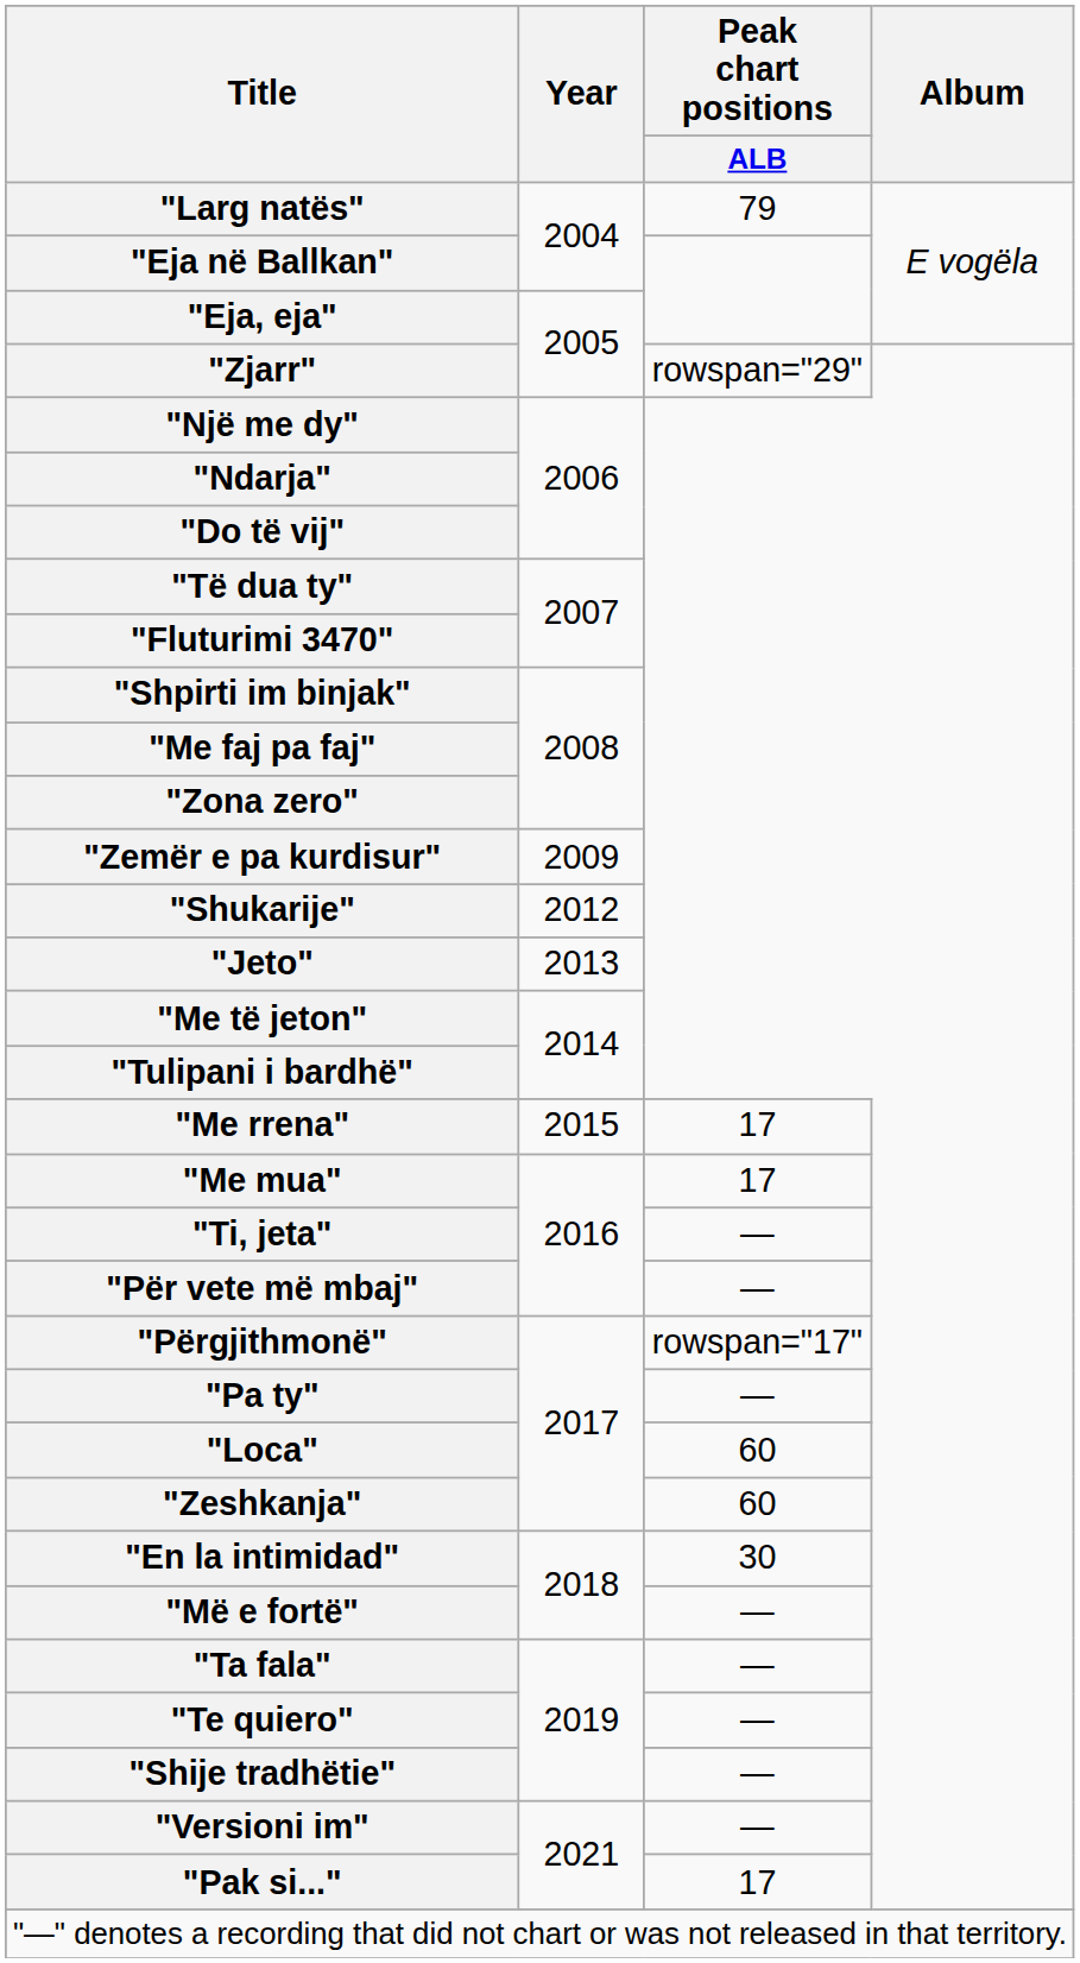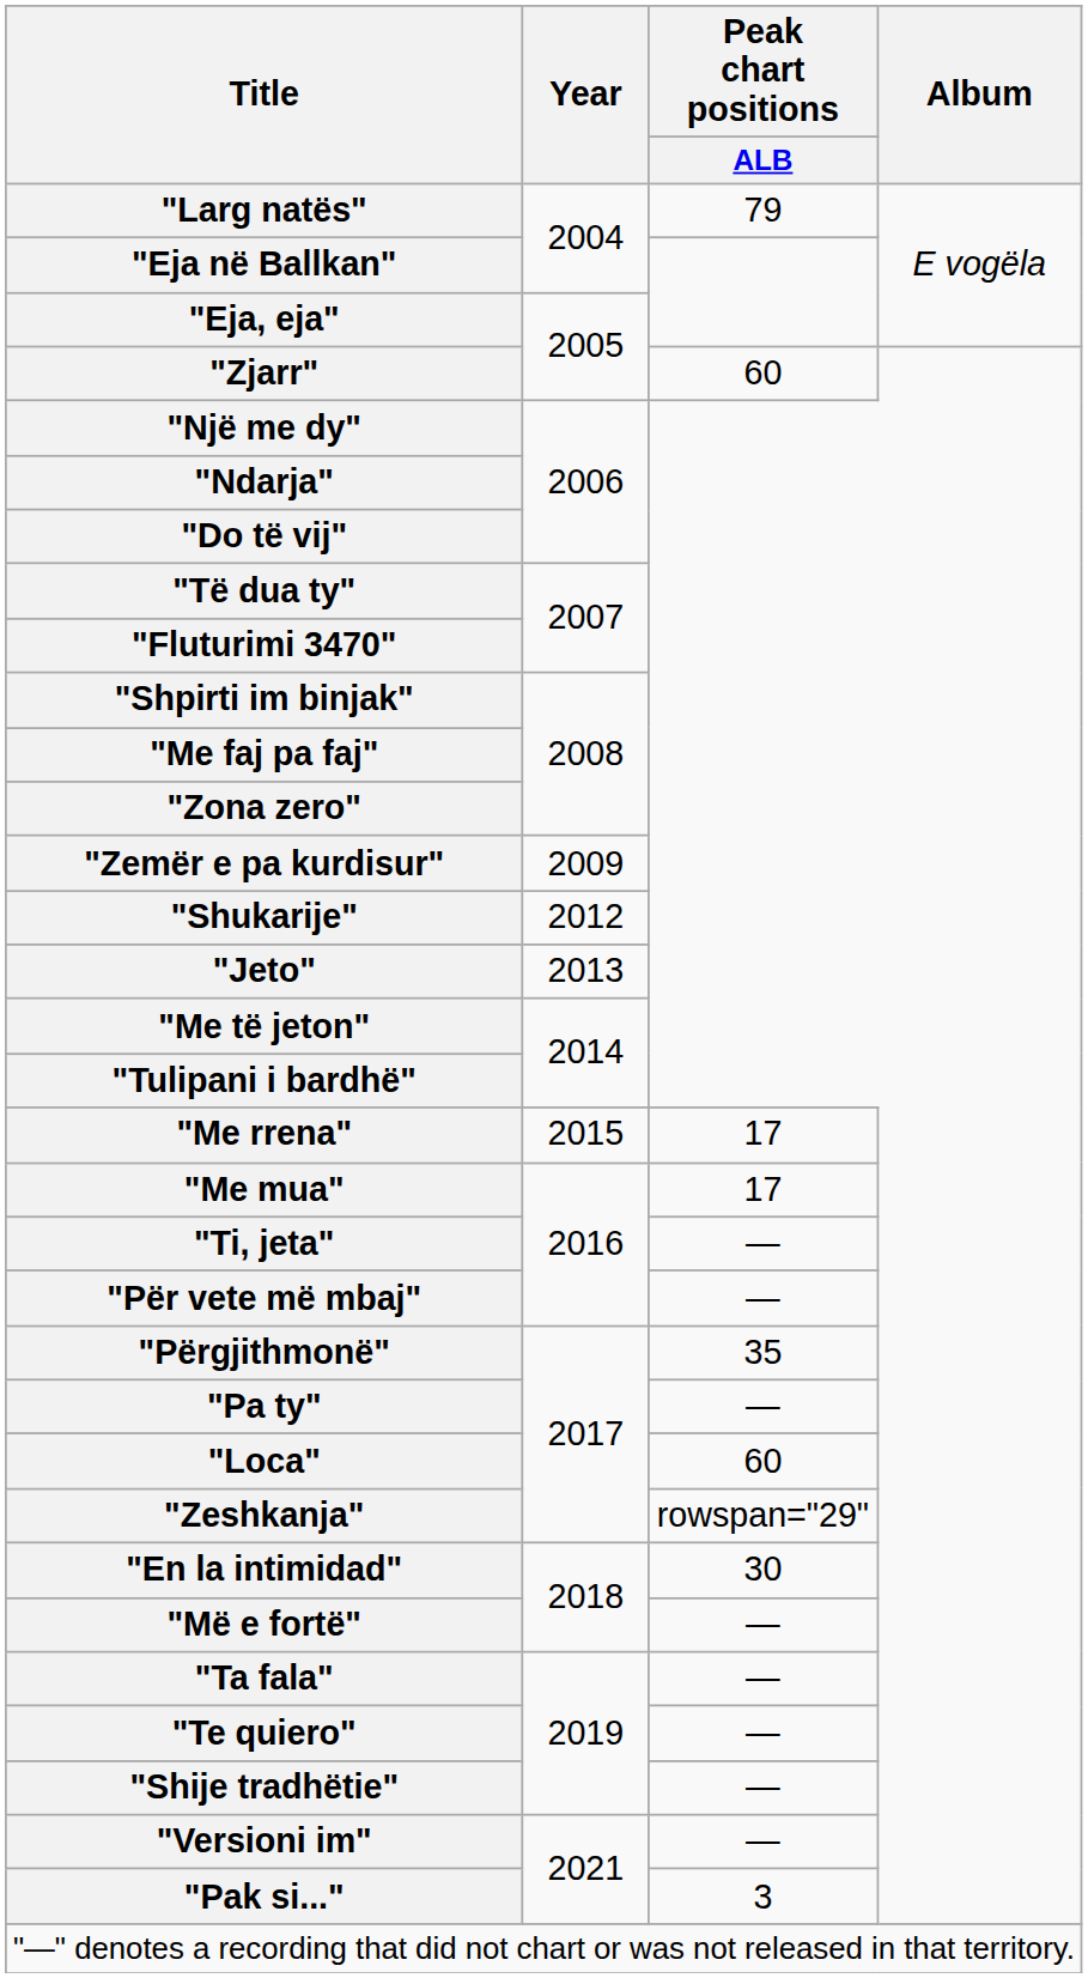 <table class="wikitable plainrowheaders" style="text-align:center;">
 <tr>
 <th scope="col" rowspan="2">Title</th>
 <th scope="col" rowspan="2">Year</th>
 <th scope="col" colspan="1">Peak<br>chart<br>positions</th>
 <th scope="col" rowspan="2">Album</th>
 </tr>
 <tr>
 <th scope="col" style="width:3em;font-size:85%;"><a href='#'>ALB</a><br></th>
 </tr>
 <tr>
 <th scope="row">"Larg natës"</th>
 <td rowspan="2">2004</td>
 <td>79</td>
 <td rowspan="3"><em>E vogëla</em></td>
 </tr>
 <tr>
 <th scope="row">"Eja në Ballkan"</th>
 </tr>
 <tr>
 <th scope="row">"Eja, eja"</th>
 <td rowspan="2">2005</td>
 </tr>
 <tr>
 <th scope="row">"Zjarr"</th>
-<td>rowspan="29" </td>
+<td>60</td>
 </tr>
 <tr>
 <th scope="row">"Një me dy"</th>
 <td rowspan="3">2006</td>
 </tr>
 <tr>
 <th scope="row">"Ndarja"</th>
 </tr>
 <tr>
 <th scope="row">"Do të vij"</th>
 </tr>
 <tr>
 <th scope="row">"Të dua ty"</th>
 <td rowspan="2">2007</td>
 </tr>
 <tr>
 <th scope="row">"Fluturimi 3470"<br></th>
 </tr>
 <tr>
 <th scope="row">"Shpirti im binjak"</th>
 <td rowspan="3">2008</td>
 </tr>
 <tr>
 <th scope="row">"Me faj pa faj"</th>
 </tr>
 <tr>
 <th scope="row">"Zona zero"</th>
 </tr>
 <tr>
 <th scope="row">"Zemër e pa kurdisur"</th>
 <td>2009</td>
 </tr>
 <tr>
 <th scope="row">"Shukarije"<br></th>
 <td>2012</td>
 </tr>
 <tr>
 <th scope="row">"Jeto"<br></th>
 <td>2013</td>
 </tr>
 <tr>
 <th scope="row">"Me të jeton"</th>
 <td rowspan="2">2014</td>
 </tr>
 <tr>
 <th scope="row">"Tulipani i bardhë"<br></th>
 </tr>
 <tr>
 <th scope="row">"Me rrena"</th>
 <td>2015</td>
 <td>17</td>
 </tr>
 <tr>
 <th scope="row">"Me mua"<br></th>
 <td rowspan="3">2016</td>
 <td>17</td>
 </tr>
 <tr>
 <th scope="row">"Ti, jeta"<br></th>
 <td>—</td>
 </tr>
 <tr>
 <th scope="row">"Për vete më mbaj"</th>
 <td>—</td>
 </tr>
 <tr>
 <th scope="row">"Përgjithmonë"</th>
 <td rowspan="4">2017</td>
-<td>rowspan="17" </td>
+<td>35</td>
 </tr>
 <tr>
 <th scope="row">"Pa ty"<br></th>
 <td>—</td>
 </tr>
 <tr>
 <th scope="row">"Loca"</th>
 <td>60</td>
 </tr>
 <tr>
 <th scope="row">"Zeshkanja"</th>
-<td>60</td>
+<td>rowspan="29" </td>
 </tr>
 <tr>
 <th scope="row">"En la intimidad"<br></th>
 <td rowspan="2">2018</td>
 <td>30</td>
 </tr>
 <tr>
 <th scope="row">"Më e fortë"</th>
 <td>—</td>
 </tr>
 <tr>
 <th scope="row">"Ta fala"<br></th>
 <td rowspan="3">2019</td>
 <td>—</td>
 </tr>
 <tr>
 <th scope="row">"Te quiero"</th>
 <td>—</td>
 </tr>
 <tr>
 <th scope="row">"Shije tradhëtie"</th>
 <td>—</td>
 </tr>
 <tr>
 <th scope="row">"Versioni im"</th>
 <td rowspan="2">2021</td>
 <td>—</td>
 </tr>
 <tr>
 <th scope="row">"Pak si..."</th>
-<td>17</td>
+<td>3</td>
 </tr>
 <tr>
 <td colspan="11" style="font-size:90%">"—" denotes a recording that did not chart or was not released in that territory.</td>
 </tr>
 </table>
